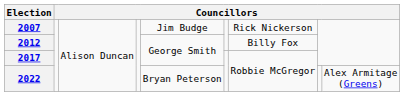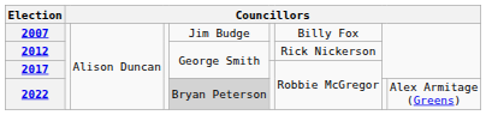 <table class="wikitable" style="text-align:center">
 <tr>
 <th>Election</th>
 <th colspan=8>Councillors</th>
 </tr>
 <tr>
 <th><a href='#'>2007</a></th>
 <td rowspan=4; style="background-color: "></td>
 <td rowspan=4>Alison Duncan</td>
 <td rowspan=4; style="background-color: "></td>
 <td rowspan=1>Jim Budge</td>
 <td rowspan=2; style="background-color: "></td>
-<td rowspan=1>Rick Nickerson</td>
+<td rowspan=1>Billy Fox</td>
 </tr>
 <tr>
 <th><a href='#'>2012</a></th>
 <td rowspan=2>George Smith</td>
-<td rowspan=1>Billy Fox</td>
+<td rowspan=1>Rick Nickerson</td>
 </tr>
 <tr>
 <th><a href='#'>2017</a></th>
 <td rowspan=2; style="background-color: "></td>
 <td rowspan=2>Robbie McGregor</td>
 </tr>
 <tr>
 <th><a href='#'>2022</a></th>
-<td>Bryan Peterson</td>
+<td style="background: lightgrey;">Bryan Peterson</td>
 <td rowspan=1; style="background-color: "></td>
 <td>Alex Armitage<br>(<a href='#'>Greens</a>)</td>
 </tr>
 </table>
